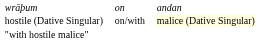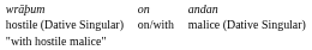 <table>
 <tr>
 <td><em>wrāþum</em></td>
 <td><em>on</em></td>
 <td><em>andan</em></td>
 </tr>
 <tr>
 <td style="padding-right: 1em;">hostile (Dative Singular)</td>
 <td style="padding-right: 1em;">on/with</td>
-<td style="background: lightyellow;">malice (Dative Singular)</td>
+<td>malice (Dative Singular)</td>
 </tr>
 <tr>
 <td colspan="3">"with hostile malice"</td>
 </tr>
 </table>
